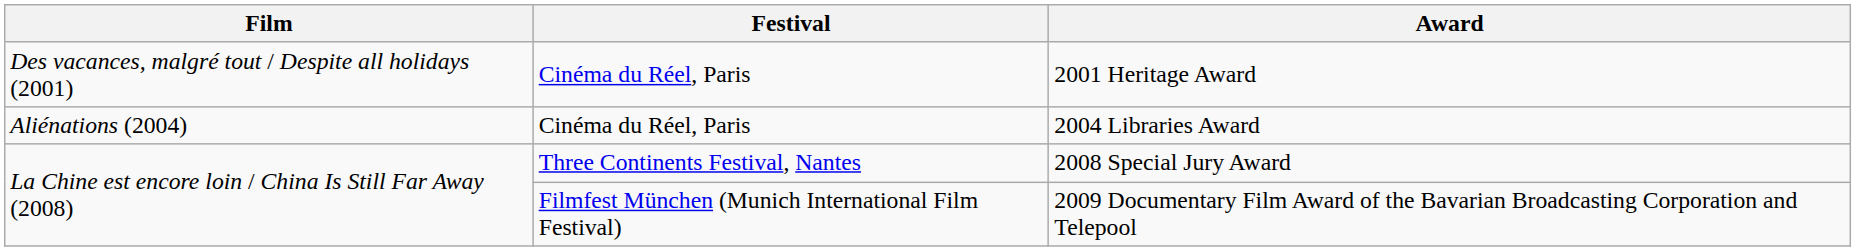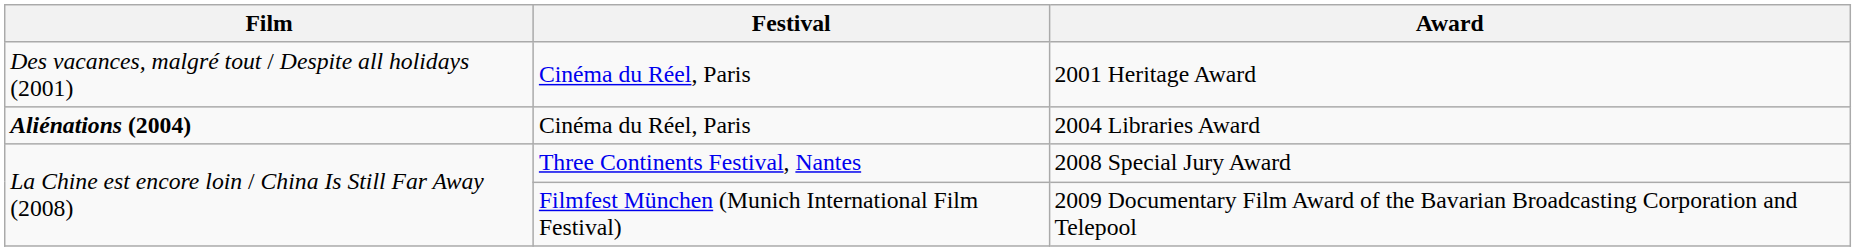 <table class="wikitable">
 <tr>
 <th>Film</th>
 <th>Festival</th>
 <th>Award</th>
 </tr>
 <tr>
 <td><em>Des vacances, malgré tout</em> / <em>Despite all holidays</em> (2001)</td>
 <td><a href='#'>Cinéma du Réel</a>, Paris</td>
 <td>2001 Heritage Award</td>
 </tr>
 <tr>
-<td><em>Aliénations</em> (2004)</td>
+<td><strong><em>Aliénations</em> (2004)</strong></td>
 <td>Cinéma du Réel, Paris</td>
 <td>2004 Libraries Award</td>
 </tr>
 <tr>
 <td rowspan=2><em>La Chine est encore loin</em> / <em>China Is Still Far Away</em> (2008)</td>
 <td><a href='#'>Three Continents Festival</a>, <a href='#'>Nantes</a></td>
 <td>2008 Special Jury Award</td>
 </tr>
 <tr>
 <td><a href='#'>Filmfest München</a> (Munich International Film Festival)</td>
 <td>2009 Documentary Film Award of the Bavarian Broadcasting Corporation and Telepool</td>
 </tr>
 </table>
